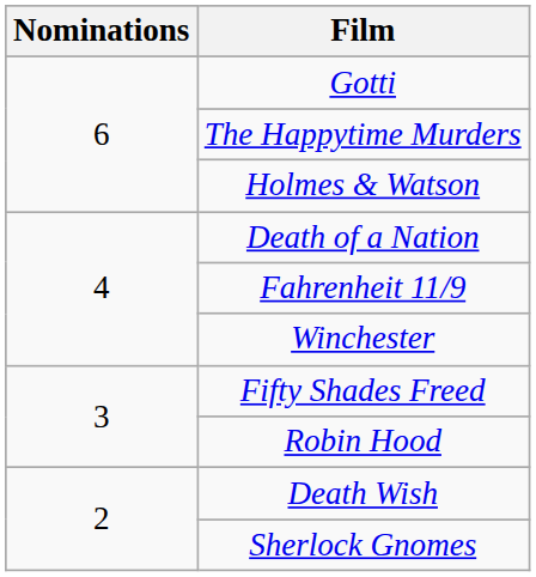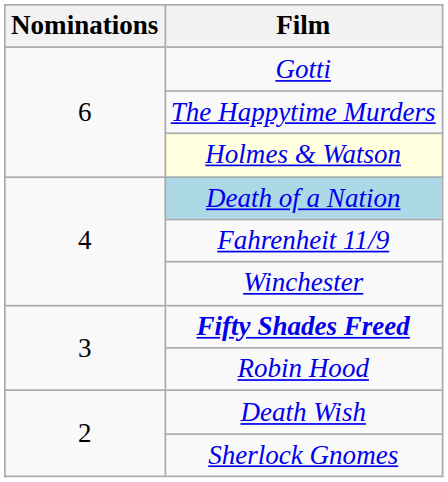 <table class="wikitable sortable" style="text-align:center;">
 <tr>
 <th scope="col" width="55">Nominations</th>
 <th scope="col" align="center">Film</th>
 </tr>
 <tr>
 <td rowspan="3">6</td>
 <td><em><a href='#'>Gotti</a></em></td>
 </tr>
 <tr>
 <td><em><a href='#'>The Happytime Murders</a></em></td>
 </tr>
 <tr>
-<td><em><a href='#'>Holmes & Watson</a></em></td>
+<td style="background: lightyellow;"><em><a href='#'>Holmes & Watson</a></em></td>
 </tr>
 <tr>
 <td rowspan="3">4</td>
-<td><em><a href='#'>Death of a Nation</a></em></td>
+<td style="background: lightblue;"><em><a href='#'>Death of a Nation</a></em></td>
 </tr>
 <tr>
 <td><em><a href='#'>Fahrenheit 11/9</a></em></td>
 </tr>
 <tr>
 <td><em><a href='#'>Winchester</a></em></td>
 </tr>
 <tr>
 <td rowspan="2">3</td>
-<td><em><a href='#'>Fifty Shades Freed</a></em></td>
+<td><strong><em><a href='#'>Fifty Shades Freed</a></em></strong></td>
 </tr>
 <tr>
 <td><em><a href='#'>Robin Hood</a></em></td>
 </tr>
 <tr>
 <td rowspan="2">2</td>
 <td><em><a href='#'>Death Wish</a></em></td>
 </tr>
 <tr>
 <td><em><a href='#'>Sherlock Gnomes</a></em></td>
 </tr>
 </table>
